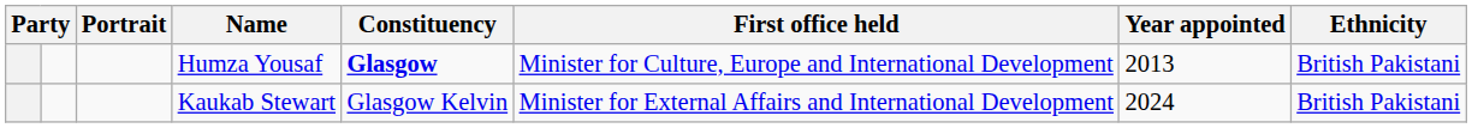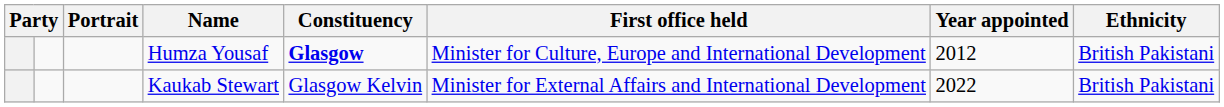 <table class="wikitable sortable">
 <tr>
 <th colspan=2>Party</th>
 <th>Portrait</th>
 <th>Name</th>
 <th>Constituency</th>
 <th>First office held</th>
 <th>Year appointed</th>
 <th>Ethnicity</th>
 </tr>
 <tr>
 <th style="background-color: "></th>
 <td></td>
 <td></td>
 <td><a href='#'>Humza Yousaf</a></td>
 <td><strong><a href='#'>Glasgow</a></strong></td>
 <td><a href='#'>Minister for Culture, Europe and International Development</a></td>
-<td>2013</td>
+<td>2012</td>
 <td><a href='#'>British Pakistani</a></td>
 </tr>
 <tr>
 <th style="background-color: "></th>
 <td></td>
 <td></td>
 <td><a href='#'>Kaukab Stewart</a></td>
 <td><a href='#'>Glasgow Kelvin</a></td>
 <td><a href='#'>Minister for External Affairs and International Development</a></td>
-<td>2024</td>
+<td>2022</td>
 <td><a href='#'>British Pakistani</a></td>
 </tr>
 </table>
